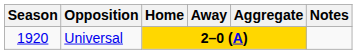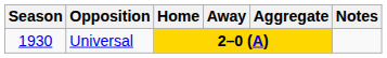 <table class="wikitable sortable">
 <tr>
 <th>Season</th>
 <th>Opposition</th>
 <th>Home</th>
 <th>Away</th>
 <th>Aggregate</th>
 <th>Notes</th>
 </tr>
 <tr>
-<td align=center><a href='#'>1920</a></td>
+<td align=center><a href='#'>1930</a></td>
 <td> <a href='#'>Universal</a></td>
 <td bgcolor=gold colspan="3" style="text-align:center;"><strong>2–0 (<a href='#'>A</a>)</strong></td>
 <td></td>
 </tr>
 </table>
